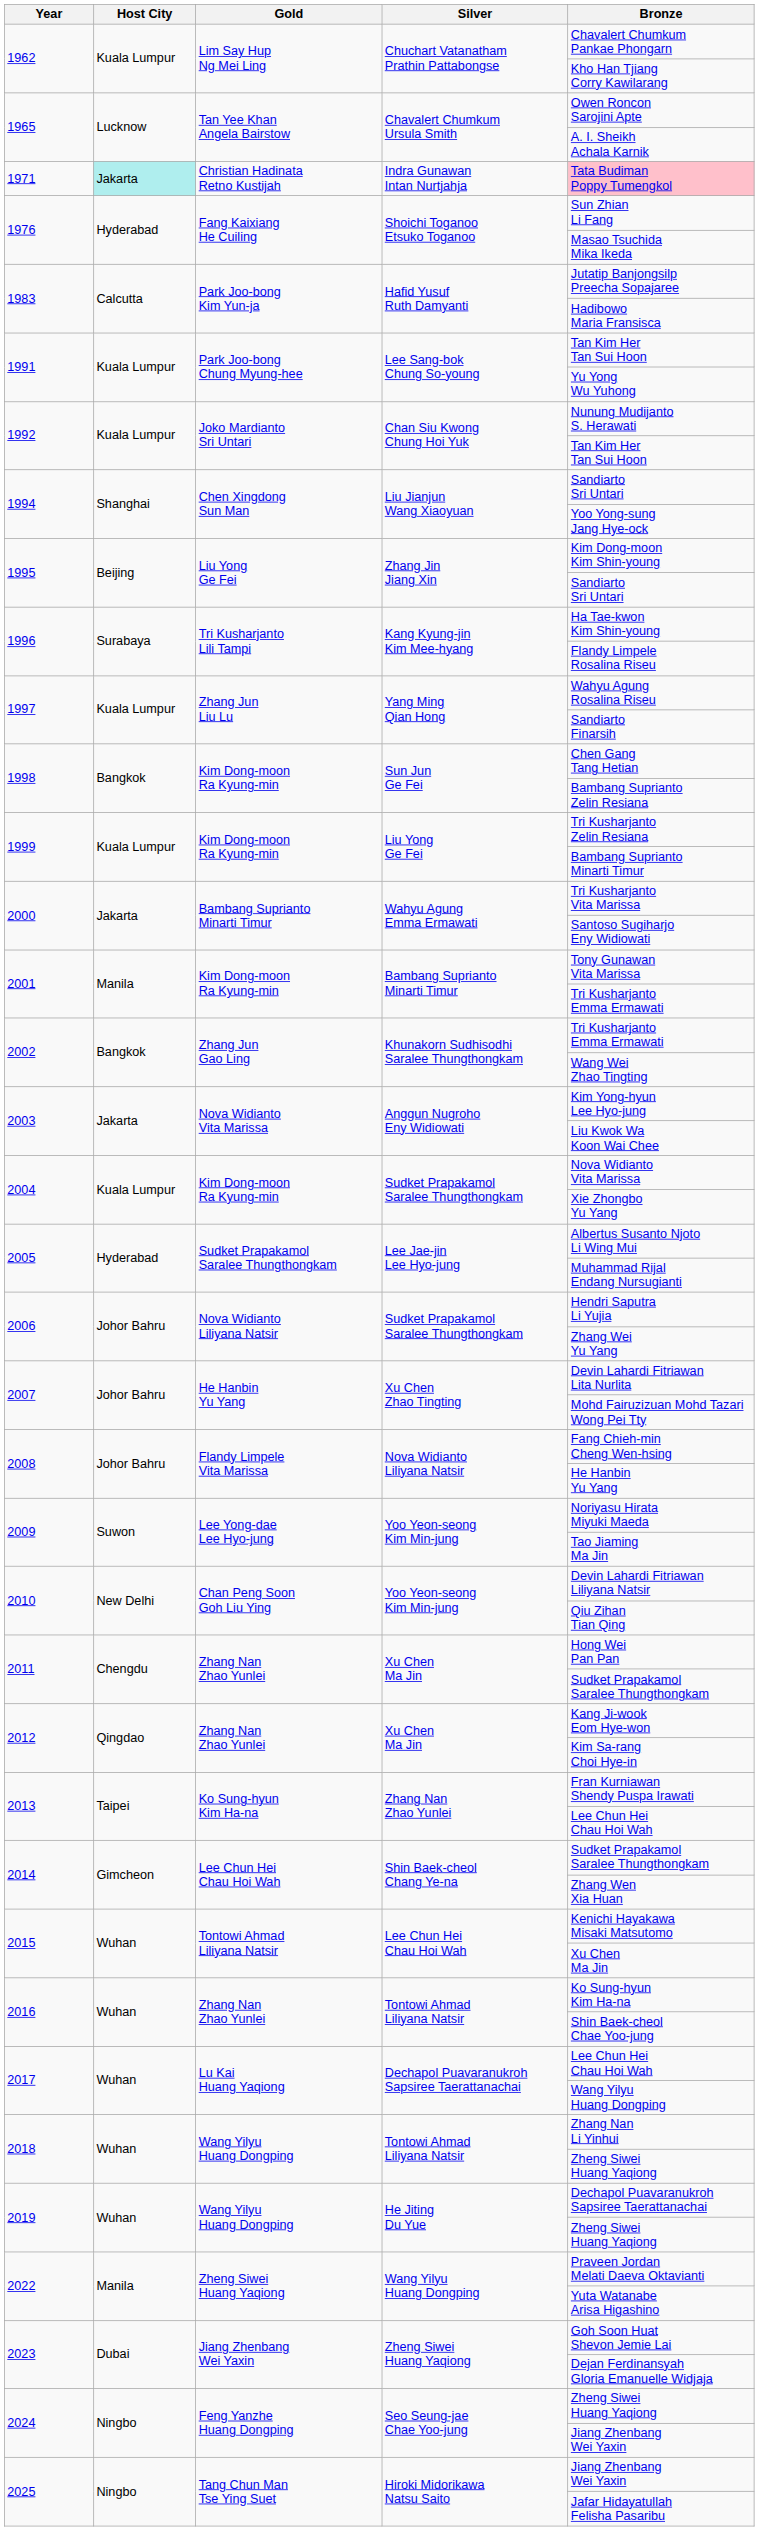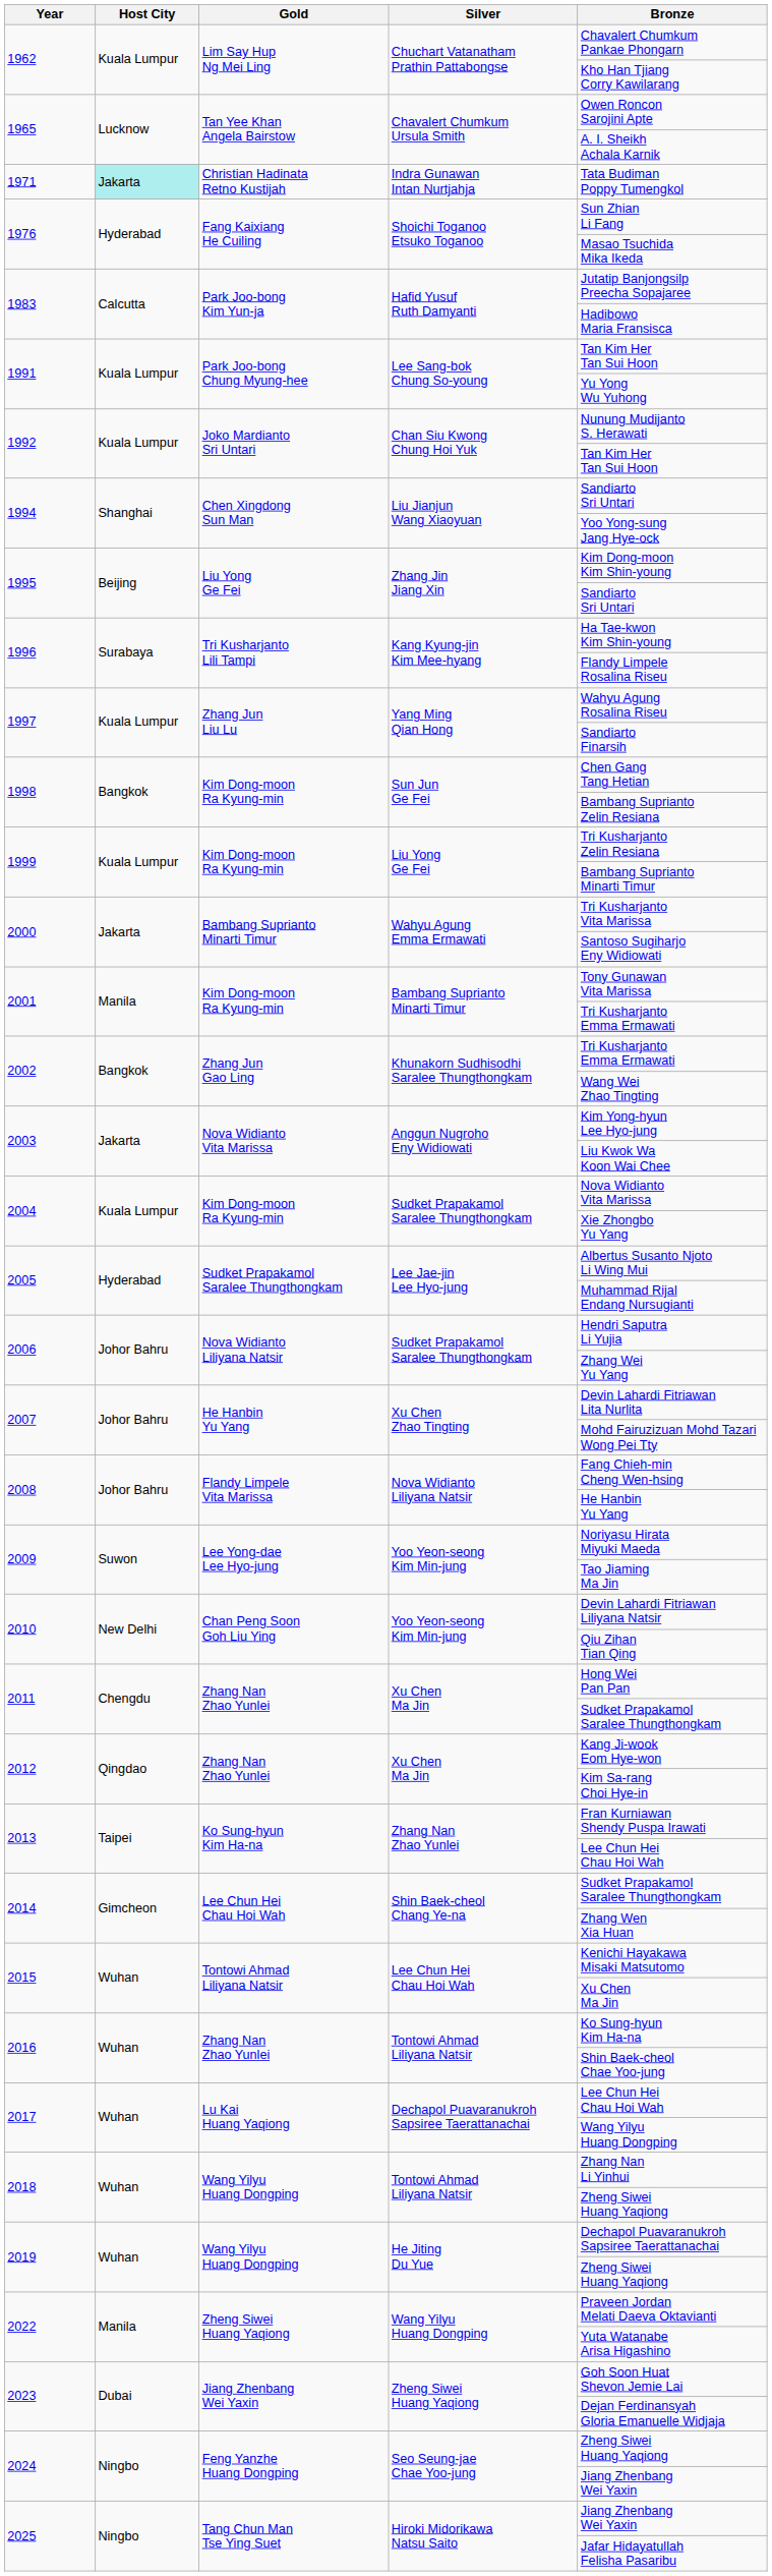 <table class="wikitable" style="text-align: left; width: 950px;">
 <tr>
 <th width="150">Year</th>
 <th width="150">Host City</th>
 <th width="300">Gold</th>
 <th width="300">Silver</th>
 <th width="300">Bronze</th>
 </tr>
 <tr>
 <td rowspan=2><a href='#'>1962</a></td>
 <td rowspan=2>Kuala Lumpur</td>
 <td rowspan=2> <a href='#'>Lim Say Hup</a><br> <a href='#'>Ng Mei Ling</a></td>
 <td rowspan=2> <a href='#'>Chuchart Vatanatham</a><br> <a href='#'>Prathin Pattabongse</a></td>
 <td> <a href='#'>Chavalert Chumkum</a><br> <a href='#'>Pankae Phongarn</a></td>
 </tr>
 <tr>
 <td> <a href='#'>Kho Han Tjiang</a><br> <a href='#'>Corry Kawilarang</a></td>
 </tr>
 <tr>
 <td rowspan=2><a href='#'>1965</a></td>
 <td rowspan=2>Lucknow</td>
 <td rowspan=2> <a href='#'>Tan Yee Khan</a><br> <a href='#'>Angela Bairstow</a></td>
 <td rowspan=2> <a href='#'>Chavalert Chumkum</a><br> <a href='#'>Ursula Smith</a></td>
 <td> <a href='#'>Owen Roncon</a><br> <a href='#'>Sarojini Apte</a></td>
 </tr>
 <tr>
 <td> <a href='#'>A. I. Sheikh</a><br> <a href='#'>Achala Karnik</a></td>
 </tr>
 <tr>
 <td><a href='#'>1971</a></td>
 <td style="background: paleturquoise;">Jakarta</td>
 <td> <a href='#'>Christian Hadinata</a><br> <a href='#'>Retno Kustijah</a></td>
 <td> <a href='#'>Indra Gunawan</a><br> <a href='#'>Intan Nurtjahja</a></td>
-<td style="background: pink;"> <a href='#'>Tata Budiman</a><br> <a href='#'>Poppy Tumengkol</a></td>
+<td> <a href='#'>Tata Budiman</a><br> <a href='#'>Poppy Tumengkol</a></td>
 </tr>
 <tr>
 <td rowspan=2><a href='#'>1976</a></td>
 <td rowspan=2>Hyderabad</td>
 <td rowspan=2> <a href='#'>Fang Kaixiang</a><br> <a href='#'>He Cuiling</a></td>
 <td rowspan=2> <a href='#'>Shoichi Toganoo</a><br> <a href='#'>Etsuko Toganoo</a></td>
 <td> <a href='#'>Sun Zhian</a><br> <a href='#'>Li Fang</a></td>
 </tr>
 <tr>
 <td> <a href='#'>Masao Tsuchida</a><br> <a href='#'>Mika Ikeda</a></td>
 </tr>
 <tr>
 <td rowspan=2><a href='#'>1983</a></td>
 <td rowspan=2>Calcutta</td>
 <td rowspan=2> <a href='#'>Park Joo-bong</a><br> <a href='#'>Kim Yun-ja</a></td>
 <td rowspan=2> <a href='#'>Hafid Yusuf</a><br> <a href='#'>Ruth Damyanti</a></td>
 <td> <a href='#'>Jutatip Banjongsilp</a><br> <a href='#'>Preecha Sopajaree</a></td>
 </tr>
 <tr>
 <td> <a href='#'>Hadibowo</a><br> <a href='#'>Maria Fransisca</a></td>
 </tr>
 <tr>
 <td rowspan=2><a href='#'>1991</a></td>
 <td rowspan=2>Kuala Lumpur</td>
 <td rowspan=2> <a href='#'>Park Joo-bong</a><br> <a href='#'>Chung Myung-hee</a></td>
 <td rowspan=2> <a href='#'>Lee Sang-bok</a><br> <a href='#'>Chung So-young</a></td>
 <td> <a href='#'>Tan Kim Her</a><br> <a href='#'>Tan Sui Hoon</a></td>
 </tr>
 <tr>
 <td> <a href='#'>Yu Yong</a><br> <a href='#'>Wu Yuhong</a></td>
 </tr>
 <tr>
 <td rowspan=2><a href='#'>1992</a></td>
 <td rowspan=2>Kuala Lumpur</td>
 <td rowspan=2> <a href='#'>Joko Mardianto</a><br> <a href='#'>Sri Untari</a></td>
 <td rowspan=2> <a href='#'>Chan Siu Kwong</a><br> <a href='#'>Chung Hoi Yuk</a></td>
 <td> <a href='#'>Nunung Mudijanto</a><br> <a href='#'>S. Herawati</a></td>
 </tr>
 <tr>
 <td> <a href='#'>Tan Kim Her</a><br> <a href='#'>Tan Sui Hoon</a></td>
 </tr>
 <tr>
 <td rowspan=2><a href='#'>1994</a></td>
 <td rowspan=2>Shanghai</td>
 <td rowspan=2> <a href='#'>Chen Xingdong</a><br> <a href='#'>Sun Man</a></td>
 <td rowspan=2> <a href='#'>Liu Jianjun</a><br> <a href='#'>Wang Xiaoyuan</a></td>
 <td> <a href='#'>Sandiarto</a><br> <a href='#'>Sri Untari</a></td>
 </tr>
 <tr>
 <td> <a href='#'>Yoo Yong-sung</a><br> <a href='#'>Jang Hye-ock</a></td>
 </tr>
 <tr>
 <td rowspan=2><a href='#'>1995</a></td>
 <td rowspan=2>Beijing</td>
 <td rowspan=2> <a href='#'>Liu Yong</a><br> <a href='#'>Ge Fei</a></td>
 <td rowspan=2> <a href='#'>Zhang Jin</a><br> <a href='#'>Jiang Xin</a></td>
 <td> <a href='#'>Kim Dong-moon</a><br> <a href='#'>Kim Shin-young</a></td>
 </tr>
 <tr>
 <td> <a href='#'>Sandiarto</a><br> <a href='#'>Sri Untari</a></td>
 </tr>
 <tr>
 <td rowspan=2><a href='#'>1996</a></td>
 <td rowspan=2>Surabaya</td>
 <td rowspan=2> <a href='#'>Tri Kusharjanto</a><br> <a href='#'>Lili Tampi</a></td>
 <td rowspan=2> <a href='#'>Kang Kyung-jin</a><br> <a href='#'>Kim Mee-hyang</a></td>
 <td> <a href='#'>Ha Tae-kwon</a><br> <a href='#'>Kim Shin-young</a></td>
 </tr>
 <tr>
 <td> <a href='#'>Flandy Limpele</a><br> <a href='#'>Rosalina Riseu</a></td>
 </tr>
 <tr>
 <td rowspan=2><a href='#'>1997</a></td>
 <td rowspan=2>Kuala Lumpur</td>
 <td rowspan=2> <a href='#'>Zhang Jun</a><br> <a href='#'>Liu Lu</a></td>
 <td rowspan=2> <a href='#'>Yang Ming</a><br> <a href='#'>Qian Hong</a></td>
 <td> <a href='#'>Wahyu Agung</a><br> <a href='#'>Rosalina Riseu</a></td>
 </tr>
 <tr>
 <td> <a href='#'>Sandiarto</a><br> <a href='#'>Finarsih</a></td>
 </tr>
 <tr>
 <td rowspan=2><a href='#'>1998</a></td>
 <td rowspan=2>Bangkok</td>
 <td rowspan=2> <a href='#'>Kim Dong-moon</a><br> <a href='#'>Ra Kyung-min</a></td>
 <td rowspan=2> <a href='#'>Sun Jun</a><br> <a href='#'>Ge Fei</a></td>
 <td> <a href='#'>Chen Gang</a><br> <a href='#'>Tang Hetian</a></td>
 </tr>
 <tr>
 <td> <a href='#'>Bambang Suprianto</a><br> <a href='#'>Zelin Resiana</a></td>
 </tr>
 <tr>
 <td rowspan=2><a href='#'>1999</a></td>
 <td rowspan=2>Kuala Lumpur</td>
 <td rowspan=2> <a href='#'>Kim Dong-moon</a><br> <a href='#'>Ra Kyung-min</a></td>
 <td rowspan=2> <a href='#'>Liu Yong</a><br> <a href='#'>Ge Fei</a></td>
 <td> <a href='#'>Tri Kusharjanto</a><br> <a href='#'>Zelin Resiana</a></td>
 </tr>
 <tr>
 <td> <a href='#'>Bambang Suprianto</a><br> <a href='#'>Minarti Timur</a></td>
 </tr>
 <tr>
 <td rowspan=2><a href='#'>2000</a></td>
 <td rowspan=2>Jakarta</td>
 <td rowspan=2> <a href='#'>Bambang Suprianto</a><br> <a href='#'>Minarti Timur</a></td>
 <td rowspan=2> <a href='#'>Wahyu Agung</a><br> <a href='#'>Emma Ermawati</a></td>
 <td> <a href='#'>Tri Kusharjanto</a><br> <a href='#'>Vita Marissa</a></td>
 </tr>
 <tr>
 <td> <a href='#'>Santoso Sugiharjo</a><br> <a href='#'>Eny Widiowati</a></td>
 </tr>
 <tr>
 <td rowspan=2><a href='#'>2001</a></td>
 <td rowspan=2>Manila</td>
 <td rowspan=2> <a href='#'>Kim Dong-moon</a><br> <a href='#'>Ra Kyung-min</a></td>
 <td rowspan=2> <a href='#'>Bambang Suprianto</a><br> <a href='#'>Minarti Timur</a></td>
 <td> <a href='#'>Tony Gunawan</a><br> <a href='#'>Vita Marissa</a></td>
 </tr>
 <tr>
 <td> <a href='#'>Tri Kusharjanto</a><br> <a href='#'>Emma Ermawati</a></td>
 </tr>
 <tr>
 <td rowspan=2><a href='#'>2002</a></td>
 <td rowspan=2>Bangkok</td>
 <td rowspan=2> <a href='#'>Zhang Jun</a><br> <a href='#'>Gao Ling</a></td>
 <td rowspan=2> <a href='#'>Khunakorn Sudhisodhi</a><br> <a href='#'>Saralee Thungthongkam</a></td>
 <td> <a href='#'>Tri Kusharjanto</a><br> <a href='#'>Emma Ermawati</a></td>
 </tr>
 <tr>
 <td> <a href='#'>Wang Wei</a><br> <a href='#'>Zhao Tingting</a></td>
 </tr>
 <tr>
 <td rowspan=2><a href='#'>2003</a></td>
 <td rowspan=2>Jakarta</td>
 <td rowspan=2> <a href='#'>Nova Widianto</a><br> <a href='#'>Vita Marissa</a></td>
 <td rowspan=2> <a href='#'>Anggun Nugroho</a><br> <a href='#'>Eny Widiowati</a></td>
 <td> <a href='#'>Kim Yong-hyun</a><br> <a href='#'>Lee Hyo-jung</a></td>
 </tr>
 <tr>
 <td> <a href='#'>Liu Kwok Wa</a><br> <a href='#'>Koon Wai Chee</a></td>
 </tr>
 <tr>
 <td rowspan=2><a href='#'>2004</a></td>
 <td rowspan=2>Kuala Lumpur</td>
 <td rowspan=2> <a href='#'>Kim Dong-moon</a><br> <a href='#'>Ra Kyung-min</a></td>
 <td rowspan=2> <a href='#'>Sudket Prapakamol</a><br> <a href='#'>Saralee Thungthongkam</a></td>
 <td> <a href='#'>Nova Widianto</a><br> <a href='#'>Vita Marissa</a></td>
 </tr>
 <tr>
 <td> <a href='#'>Xie Zhongbo</a><br> <a href='#'>Yu Yang</a></td>
 </tr>
 <tr>
 <td rowspan=2><a href='#'>2005</a></td>
 <td rowspan=2>Hyderabad</td>
 <td rowspan=2> <a href='#'>Sudket Prapakamol</a><br> <a href='#'>Saralee Thungthongkam</a></td>
 <td rowspan=2> <a href='#'>Lee Jae-jin</a><br> <a href='#'>Lee Hyo-jung</a></td>
 <td> <a href='#'>Albertus Susanto Njoto</a><br> <a href='#'>Li Wing Mui</a></td>
 </tr>
 <tr>
 <td> <a href='#'>Muhammad Rijal</a><br> <a href='#'>Endang Nursugianti</a></td>
 </tr>
 <tr>
 <td rowspan=2><a href='#'>2006</a></td>
 <td rowspan=2>Johor Bahru</td>
 <td rowspan=2> <a href='#'>Nova Widianto</a><br> <a href='#'>Liliyana Natsir</a></td>
 <td rowspan=2> <a href='#'>Sudket Prapakamol</a><br> <a href='#'>Saralee Thungthongkam</a></td>
 <td> <a href='#'>Hendri Saputra</a><br> <a href='#'>Li Yujia</a></td>
 </tr>
 <tr>
 <td> <a href='#'>Zhang Wei</a><br> <a href='#'>Yu Yang</a></td>
 </tr>
 <tr>
 <td rowspan=2><a href='#'>2007</a></td>
 <td rowspan=2>Johor Bahru</td>
 <td rowspan=2> <a href='#'>He Hanbin</a><br> <a href='#'>Yu Yang</a></td>
 <td rowspan=2> <a href='#'>Xu Chen</a><br> <a href='#'>Zhao Tingting</a></td>
 <td> <a href='#'>Devin Lahardi Fitriawan</a><br> <a href='#'>Lita Nurlita</a></td>
 </tr>
 <tr>
 <td> <a href='#'>Mohd Fairuzizuan Mohd Tazari</a><br> <a href='#'>Wong Pei Tty</a></td>
 </tr>
 <tr>
 <td rowspan=2><a href='#'>2008</a></td>
 <td rowspan=2>Johor Bahru</td>
 <td rowspan=2> <a href='#'>Flandy Limpele</a><br> <a href='#'>Vita Marissa</a></td>
 <td rowspan=2> <a href='#'>Nova Widianto</a><br> <a href='#'>Liliyana Natsir</a></td>
 <td> <a href='#'>Fang Chieh-min</a><br> <a href='#'>Cheng Wen-hsing</a></td>
 </tr>
 <tr>
 <td> <a href='#'>He Hanbin</a><br> <a href='#'>Yu Yang</a></td>
 </tr>
 <tr>
 <td rowspan=2><a href='#'>2009</a></td>
 <td rowspan=2>Suwon</td>
 <td rowspan=2> <a href='#'>Lee Yong-dae</a><br> <a href='#'>Lee Hyo-jung</a></td>
 <td rowspan=2> <a href='#'>Yoo Yeon-seong</a><br> <a href='#'>Kim Min-jung</a></td>
 <td> <a href='#'>Noriyasu Hirata</a><br> <a href='#'>Miyuki Maeda</a></td>
 </tr>
 <tr>
 <td> <a href='#'>Tao Jiaming</a><br> <a href='#'>Ma Jin</a></td>
 </tr>
 <tr>
 <td rowspan=2><a href='#'>2010</a></td>
 <td rowspan=2>New Delhi</td>
 <td rowspan=2> <a href='#'>Chan Peng Soon</a><br> <a href='#'>Goh Liu Ying</a></td>
 <td rowspan=2> <a href='#'>Yoo Yeon-seong</a><br> <a href='#'>Kim Min-jung</a></td>
 <td> <a href='#'>Devin Lahardi Fitriawan</a><br> <a href='#'>Liliyana Natsir</a></td>
 </tr>
 <tr>
 <td> <a href='#'>Qiu Zihan</a><br> <a href='#'>Tian Qing</a></td>
 </tr>
 <tr>
 <td rowspan=2><a href='#'>2011</a></td>
 <td rowspan=2>Chengdu</td>
 <td rowspan=2> <a href='#'>Zhang Nan</a><br> <a href='#'>Zhao Yunlei</a></td>
 <td rowspan=2> <a href='#'>Xu Chen</a><br> <a href='#'>Ma Jin</a></td>
 <td> <a href='#'>Hong Wei</a><br> <a href='#'>Pan Pan</a></td>
 </tr>
 <tr>
 <td> <a href='#'>Sudket Prapakamol</a><br> <a href='#'>Saralee Thungthongkam</a></td>
 </tr>
 <tr>
 <td rowspan=2><a href='#'>2012</a></td>
 <td rowspan=2>Qingdao</td>
 <td rowspan=2> <a href='#'>Zhang Nan</a><br> <a href='#'>Zhao Yunlei</a></td>
 <td rowspan=2> <a href='#'>Xu Chen</a><br> <a href='#'>Ma Jin</a></td>
 <td> <a href='#'>Kang Ji-wook</a><br> <a href='#'>Eom Hye-won</a></td>
 </tr>
 <tr>
 <td> <a href='#'>Kim Sa-rang</a><br> <a href='#'>Choi Hye-in</a></td>
 </tr>
 <tr>
 <td rowspan=2><a href='#'>2013</a></td>
 <td rowspan=2>Taipei</td>
 <td rowspan=2> <a href='#'>Ko Sung-hyun</a><br> <a href='#'>Kim Ha-na</a></td>
 <td rowspan=2> <a href='#'>Zhang Nan</a><br> <a href='#'>Zhao Yunlei</a></td>
 <td> <a href='#'>Fran Kurniawan</a><br> <a href='#'>Shendy Puspa Irawati</a></td>
 </tr>
 <tr>
 <td> <a href='#'>Lee Chun Hei</a><br> <a href='#'>Chau Hoi Wah</a></td>
 </tr>
 <tr>
 <td rowspan=2><a href='#'>2014</a></td>
 <td rowspan=2>Gimcheon</td>
 <td rowspan=2> <a href='#'>Lee Chun Hei</a><br> <a href='#'>Chau Hoi Wah</a></td>
 <td rowspan=2> <a href='#'>Shin Baek-cheol</a><br> <a href='#'>Chang Ye-na</a></td>
 <td> <a href='#'>Sudket Prapakamol</a><br> <a href='#'>Saralee Thungthongkam</a></td>
 </tr>
 <tr>
 <td> <a href='#'>Zhang Wen</a><br> <a href='#'>Xia Huan</a></td>
 </tr>
 <tr>
 <td rowspan=2><a href='#'>2015</a></td>
 <td rowspan=2>Wuhan</td>
 <td rowspan=2> <a href='#'>Tontowi Ahmad</a><br> <a href='#'>Liliyana Natsir</a></td>
 <td rowspan=2> <a href='#'>Lee Chun Hei</a><br> <a href='#'>Chau Hoi Wah</a></td>
 <td> <a href='#'>Kenichi Hayakawa</a><br> <a href='#'>Misaki Matsutomo</a></td>
 </tr>
 <tr>
 <td> <a href='#'>Xu Chen</a><br> <a href='#'>Ma Jin</a></td>
 </tr>
 <tr>
 <td rowspan=2><a href='#'>2016</a></td>
 <td rowspan=2>Wuhan</td>
 <td rowspan=2> <a href='#'>Zhang Nan</a><br> <a href='#'>Zhao Yunlei</a></td>
 <td rowspan=2> <a href='#'>Tontowi Ahmad</a><br> <a href='#'>Liliyana Natsir</a></td>
 <td> <a href='#'>Ko Sung-hyun</a><br> <a href='#'>Kim Ha-na</a></td>
 </tr>
 <tr>
 <td> <a href='#'>Shin Baek-cheol</a><br> <a href='#'>Chae Yoo-jung</a></td>
 </tr>
 <tr>
 <td rowspan=2><a href='#'>2017</a></td>
 <td rowspan=2>Wuhan</td>
 <td rowspan=2> <a href='#'>Lu Kai</a><br> <a href='#'>Huang Yaqiong</a></td>
 <td rowspan=2> <a href='#'>Dechapol Puavaranukroh</a><br> <a href='#'>Sapsiree Taerattanachai</a></td>
 <td> <a href='#'>Lee Chun Hei</a><br> <a href='#'>Chau Hoi Wah</a></td>
 </tr>
 <tr>
 <td> <a href='#'>Wang Yilyu</a><br> <a href='#'>Huang Dongping</a></td>
 </tr>
 <tr>
 <td rowspan=2><a href='#'>2018</a></td>
 <td rowspan=2>Wuhan</td>
 <td rowspan=2> <a href='#'>Wang Yilyu</a><br> <a href='#'>Huang Dongping</a></td>
 <td rowspan=2> <a href='#'>Tontowi Ahmad</a><br> <a href='#'>Liliyana Natsir</a></td>
 <td> <a href='#'>Zhang Nan</a><br> <a href='#'>Li Yinhui</a></td>
 </tr>
 <tr>
 <td> <a href='#'>Zheng Siwei</a><br> <a href='#'>Huang Yaqiong</a></td>
 </tr>
 <tr>
 <td rowspan=2><a href='#'>2019</a></td>
 <td rowspan=2>Wuhan</td>
 <td rowspan=2> <a href='#'>Wang Yilyu</a><br> <a href='#'>Huang Dongping</a></td>
 <td rowspan=2> <a href='#'>He Jiting</a><br> <a href='#'>Du Yue</a></td>
 <td> <a href='#'>Dechapol Puavaranukroh</a><br> <a href='#'>Sapsiree Taerattanachai</a></td>
 </tr>
 <tr>
 <td> <a href='#'>Zheng Siwei</a><br> <a href='#'>Huang Yaqiong</a></td>
 </tr>
 <tr>
 <td rowspan=2><a href='#'>2022</a></td>
 <td rowspan=2>Manila</td>
 <td rowspan=2> <a href='#'>Zheng Siwei</a><br> <a href='#'>Huang Yaqiong</a></td>
 <td rowspan=2> <a href='#'>Wang Yilyu</a><br> <a href='#'>Huang Dongping</a></td>
 <td> <a href='#'>Praveen Jordan</a><br> <a href='#'>Melati Daeva Oktavianti</a></td>
 </tr>
 <tr>
 <td> <a href='#'>Yuta Watanabe</a><br> <a href='#'>Arisa Higashino</a></td>
 </tr>
 <tr>
 <td rowspan=2><a href='#'>2023</a></td>
 <td rowspan=2>Dubai</td>
 <td rowspan=2> <a href='#'>Jiang Zhenbang</a><br> <a href='#'>Wei Yaxin</a></td>
 <td rowspan=2> <a href='#'>Zheng Siwei</a><br> <a href='#'>Huang Yaqiong</a></td>
 <td> <a href='#'>Goh Soon Huat</a><br> <a href='#'>Shevon Jemie Lai</a></td>
 </tr>
 <tr>
 <td> <a href='#'>Dejan Ferdinansyah</a><br> <a href='#'>Gloria Emanuelle Widjaja</a></td>
 </tr>
 <tr>
 <td rowspan=2><a href='#'>2024</a></td>
 <td rowspan=2>Ningbo</td>
 <td rowspan=2> <a href='#'>Feng Yanzhe</a><br> <a href='#'>Huang Dongping</a></td>
 <td rowspan=2> <a href='#'>Seo Seung-jae</a><br> <a href='#'>Chae Yoo-jung</a></td>
 <td> <a href='#'>Zheng Siwei</a><br> <a href='#'>Huang Yaqiong</a></td>
 </tr>
 <tr>
 <td> <a href='#'>Jiang Zhenbang</a><br> <a href='#'>Wei Yaxin</a></td>
 </tr>
 <tr>
 <td rowspan=2><a href='#'>2025</a></td>
 <td rowspan=2>Ningbo</td>
 <td rowspan=2> <a href='#'>Tang Chun Man</a><br> <a href='#'>Tse Ying Suet</a></td>
 <td rowspan=2> <a href='#'>Hiroki Midorikawa</a><br> <a href='#'>Natsu Saito</a></td>
 <td> <a href='#'>Jiang Zhenbang</a><br> <a href='#'>Wei Yaxin</a></td>
 </tr>
 <tr>
 <td> <a href='#'>Jafar Hidayatullah</a><br> <a href='#'>Felisha Pasaribu</a></td>
 </tr>
 </table>
